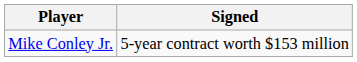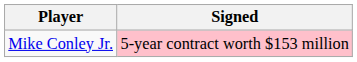 <table class="wikitable sortable sortable">
 <tr>
 <th>Player</th>
 <th>Signed</th>
 </tr>
 <tr style="text-align: center">
 <td><a href='#'>Mike Conley Jr.</a></td>
-<td>5-year contract worth $153 million</td>
+<td style="background: pink;">5-year contract worth $153 million</td>
 </tr>
 </table>
